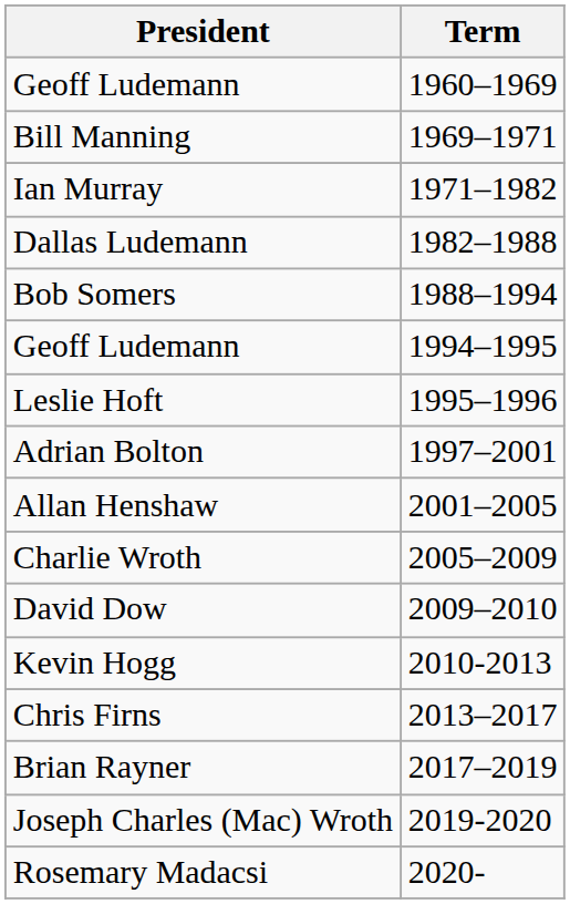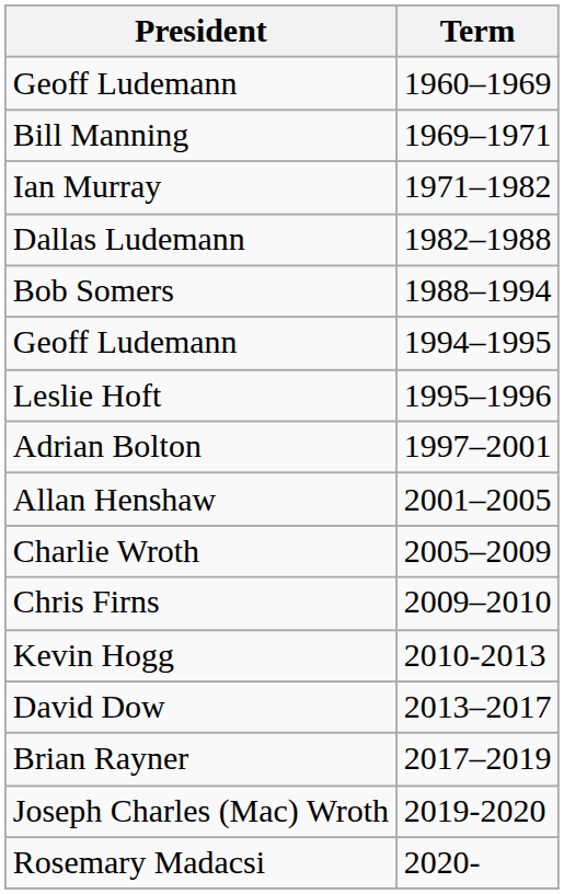 <table class="wikitable">
 <tr>
 <th>President</th>
 <th>Term</th>
 </tr>
 <tr>
 <td>Geoff Ludemann</td>
 <td>1960–1969</td>
 </tr>
 <tr>
 <td>Bill Manning</td>
 <td>1969–1971</td>
 </tr>
 <tr>
 <td>Ian Murray</td>
 <td>1971–1982</td>
 </tr>
 <tr>
 <td>Dallas Ludemann</td>
 <td>1982–1988</td>
 </tr>
 <tr>
 <td>Bob Somers</td>
 <td>1988–1994</td>
 </tr>
 <tr>
 <td>Geoff Ludemann</td>
 <td>1994–1995</td>
 </tr>
 <tr>
 <td>Leslie Hoft</td>
 <td>1995–1996</td>
 </tr>
 <tr>
 <td>Adrian Bolton</td>
 <td>1997–2001</td>
 </tr>
 <tr>
 <td>Allan Henshaw</td>
 <td>2001–2005</td>
 </tr>
 <tr>
 <td>Charlie Wroth</td>
 <td>2005–2009</td>
 </tr>
 <tr>
-<td>David Dow</td>
+<td>Chris Firns</td>
 <td>2009–2010</td>
 </tr>
 <tr>
 <td>Kevin Hogg</td>
 <td>2010-2013</td>
 </tr>
 <tr>
-<td>Chris Firns</td>
+<td>David Dow</td>
 <td>2013–2017</td>
 </tr>
 <tr>
 <td>Brian Rayner</td>
 <td>2017–2019</td>
 </tr>
 <tr>
 <td>Joseph Charles (Mac) Wroth</td>
 <td>2019-2020</td>
 </tr>
 <tr>
 <td>Rosemary Madacsi</td>
 <td>2020-</td>
 </tr>
 </table>
